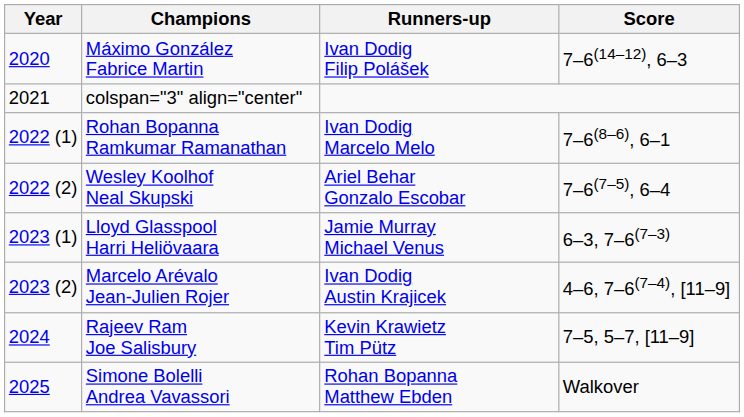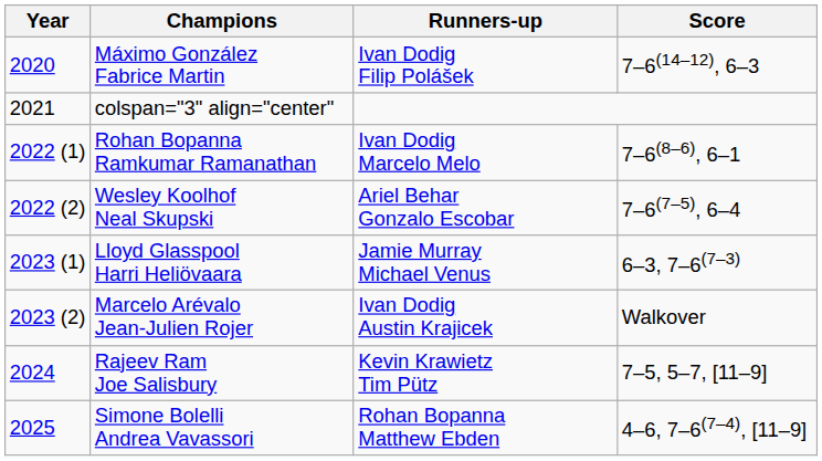 <table class="wikitable">
 <tr>
 <th>Year</th>
 <th style="width:200px">Champions</th>
 <th style="width:200px">Runners-up</th>
 <th style="width:150px" class="unsortable">Score</th>
 </tr>
 <tr>
 <td><a href='#'>2020</a></td>
 <td> <a href='#'>Máximo González</a><br> <a href='#'>Fabrice Martin</a></td>
 <td> <a href='#'>Ivan Dodig</a><br> <a href='#'>Filip Polášek</a></td>
 <td>7–6<sup>(14–12)</sup>, 6–3</td>
 </tr>
 <tr>
 <td>2021</td>
 <td>colspan="3" align="center" </td>
 </tr>
 <tr>
 <td><a href='#'>2022</a> (1)</td>
 <td> <a href='#'>Rohan Bopanna</a> <br>  <a href='#'>Ramkumar Ramanathan</a></td>
 <td> <a href='#'>Ivan Dodig</a> <br>  <a href='#'>Marcelo Melo</a></td>
 <td>7–6<sup>(8–6)</sup>, 6–1</td>
 </tr>
 <tr>
 <td><a href='#'>2022</a> (2)</td>
 <td> <a href='#'>Wesley Koolhof</a> <br>  <a href='#'>Neal Skupski</a></td>
 <td> <a href='#'>Ariel Behar</a> <br>  <a href='#'>Gonzalo Escobar</a></td>
 <td>7–6<sup>(7–5)</sup>, 6–4</td>
 </tr>
 <tr>
 <td><a href='#'>2023</a> (1)</td>
 <td> <a href='#'>Lloyd Glasspool</a> <br> <a href='#'>Harri Heliövaara</a></td>
 <td> <a href='#'>Jamie Murray</a> <br> <a href='#'>Michael Venus</a></td>
 <td>6–3, 7–6<sup>(7–3)</sup></td>
 </tr>
 <tr>
 <td><a href='#'>2023</a> (2)</td>
 <td> <a href='#'>Marcelo Arévalo</a> <br> <a href='#'>Jean-Julien Rojer</a></td>
 <td> <a href='#'>Ivan Dodig</a> <br> <a href='#'>Austin Krajicek</a></td>
-<td>4–6, 7–6<sup>(7–4)</sup>, [11–9]</td>
+<td>Walkover</td>
 </tr>
 <tr>
 <td><a href='#'>2024</a></td>
 <td> <a href='#'>Rajeev Ram</a><br> <a href='#'>Joe Salisbury</a></td>
 <td> <a href='#'>Kevin Krawietz</a><br> <a href='#'>Tim Pütz</a></td>
 <td>7–5, 5–7, [11–9]</td>
 </tr>
 <tr>
 <td><a href='#'>2025</a></td>
 <td> <a href='#'>Simone Bolelli</a> <br> <a href='#'>Andrea Vavassori</a></td>
 <td> <a href='#'>Rohan Bopanna</a> <br> <a href='#'>Matthew Ebden</a></td>
-<td>Walkover</td>
+<td>4–6, 7–6<sup>(7–4)</sup>, [11–9]</td>
 </tr>
 </table>
